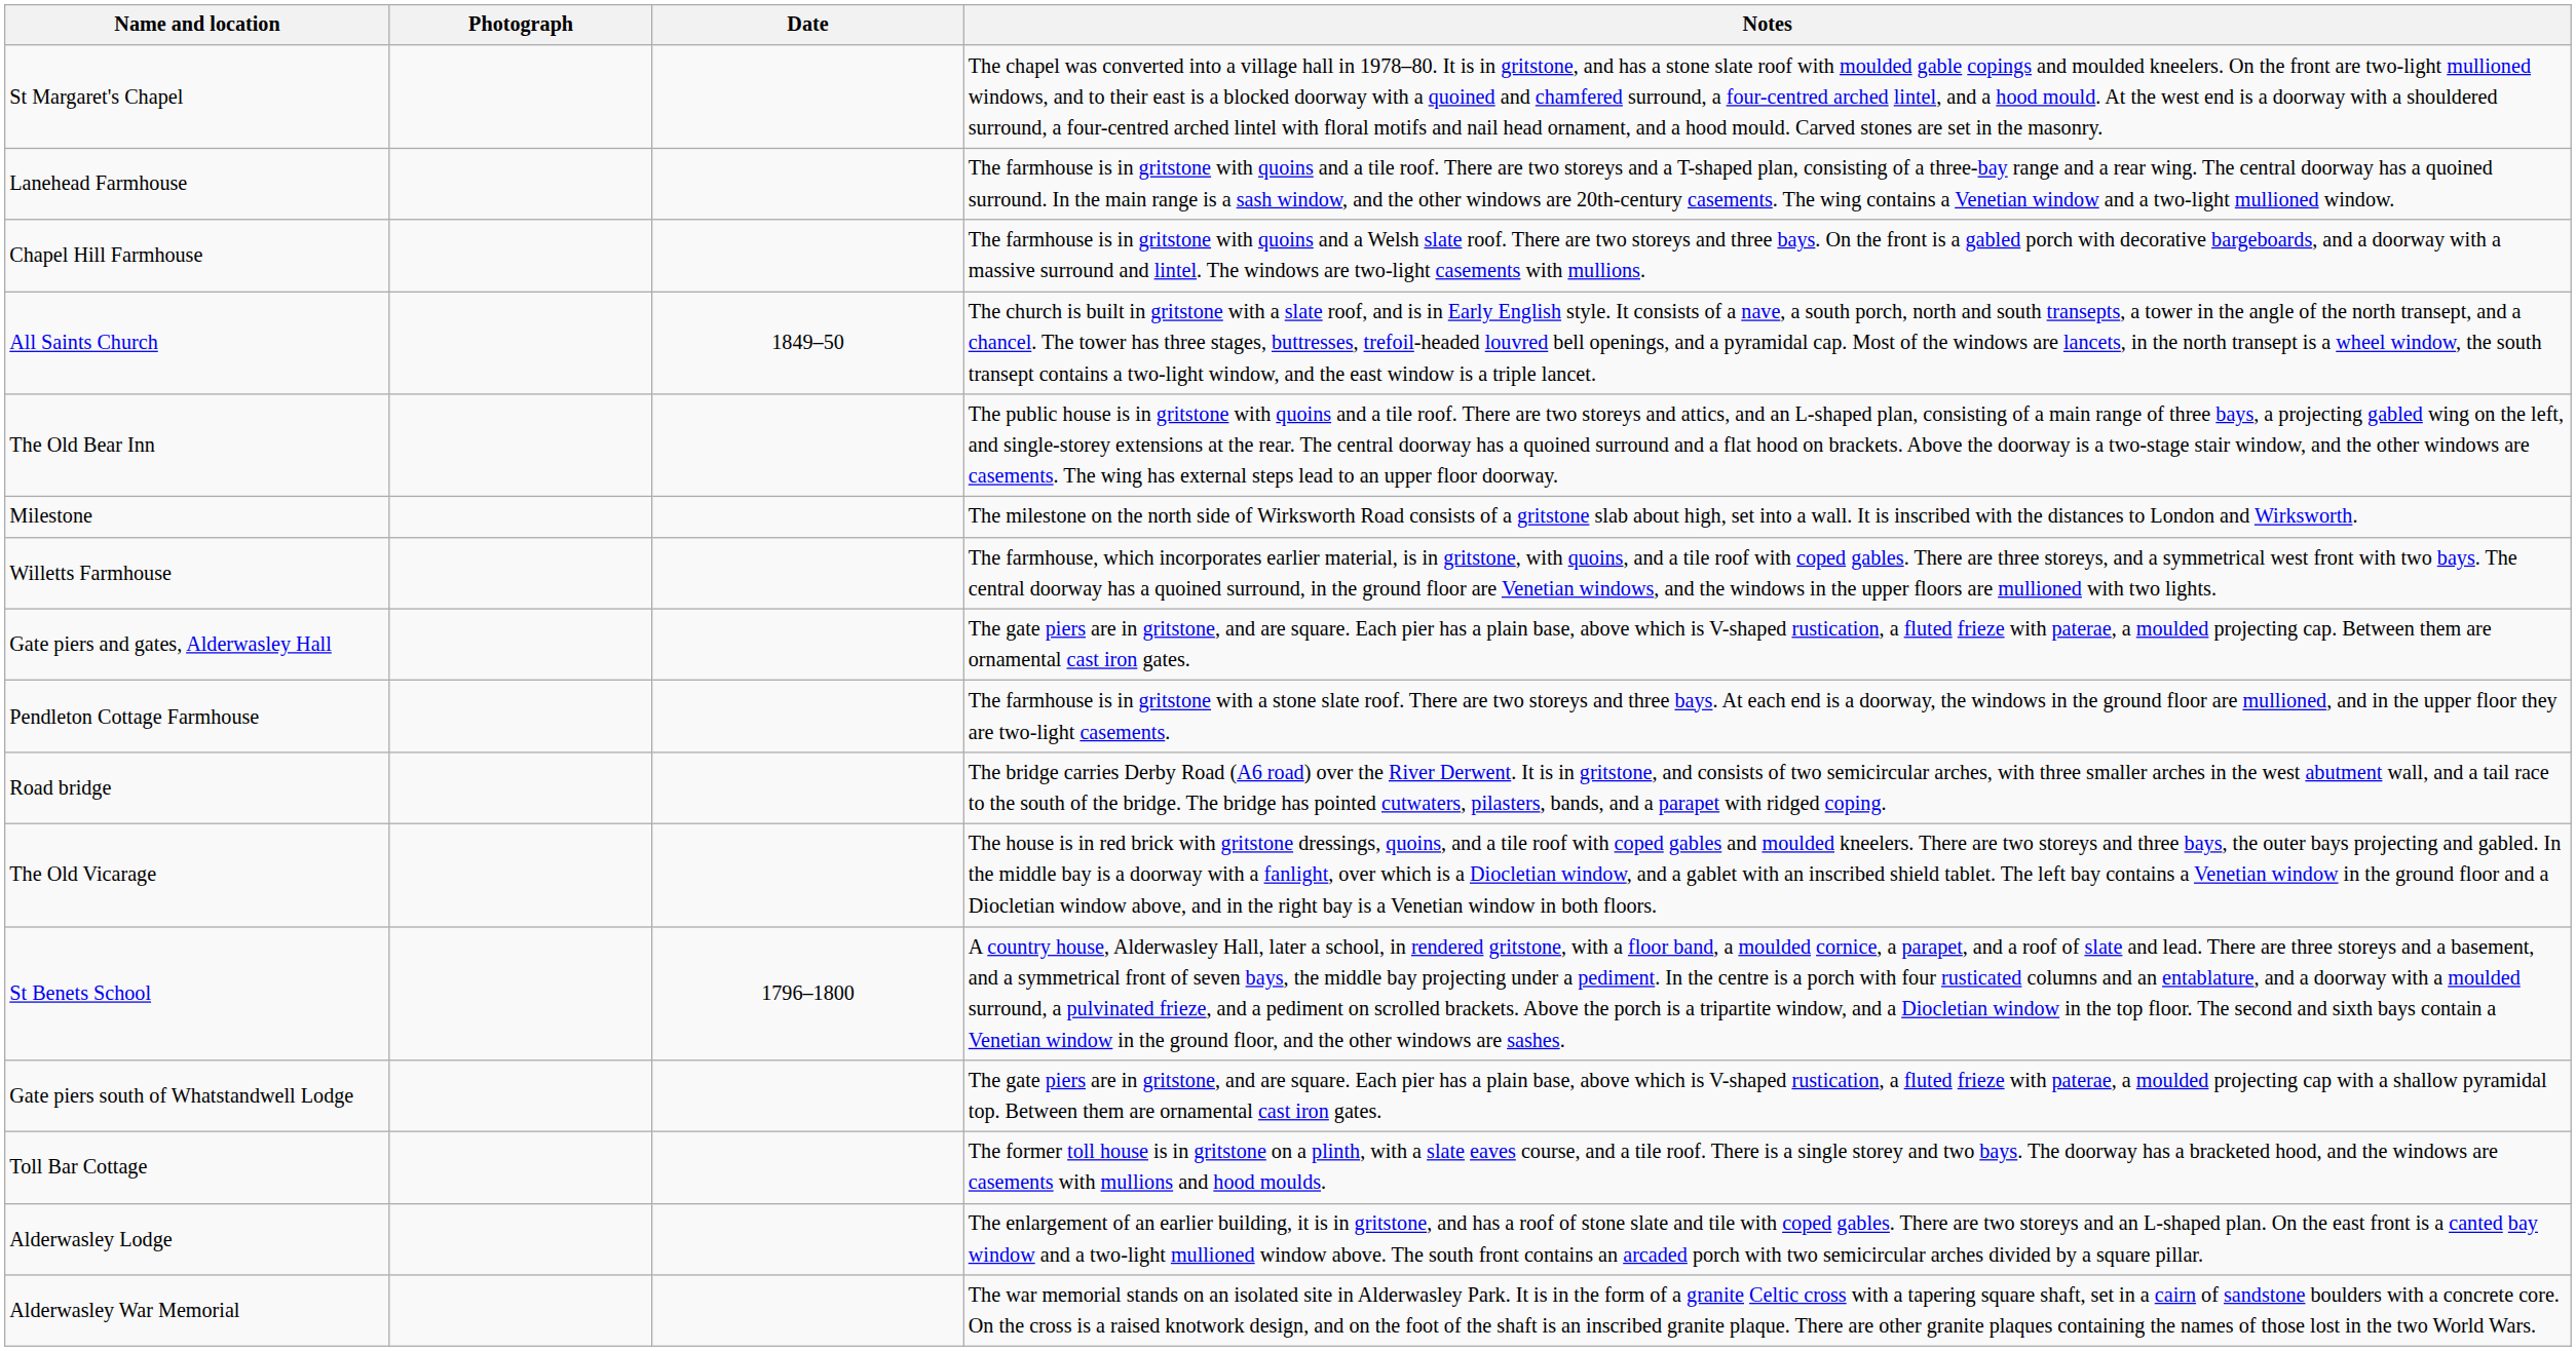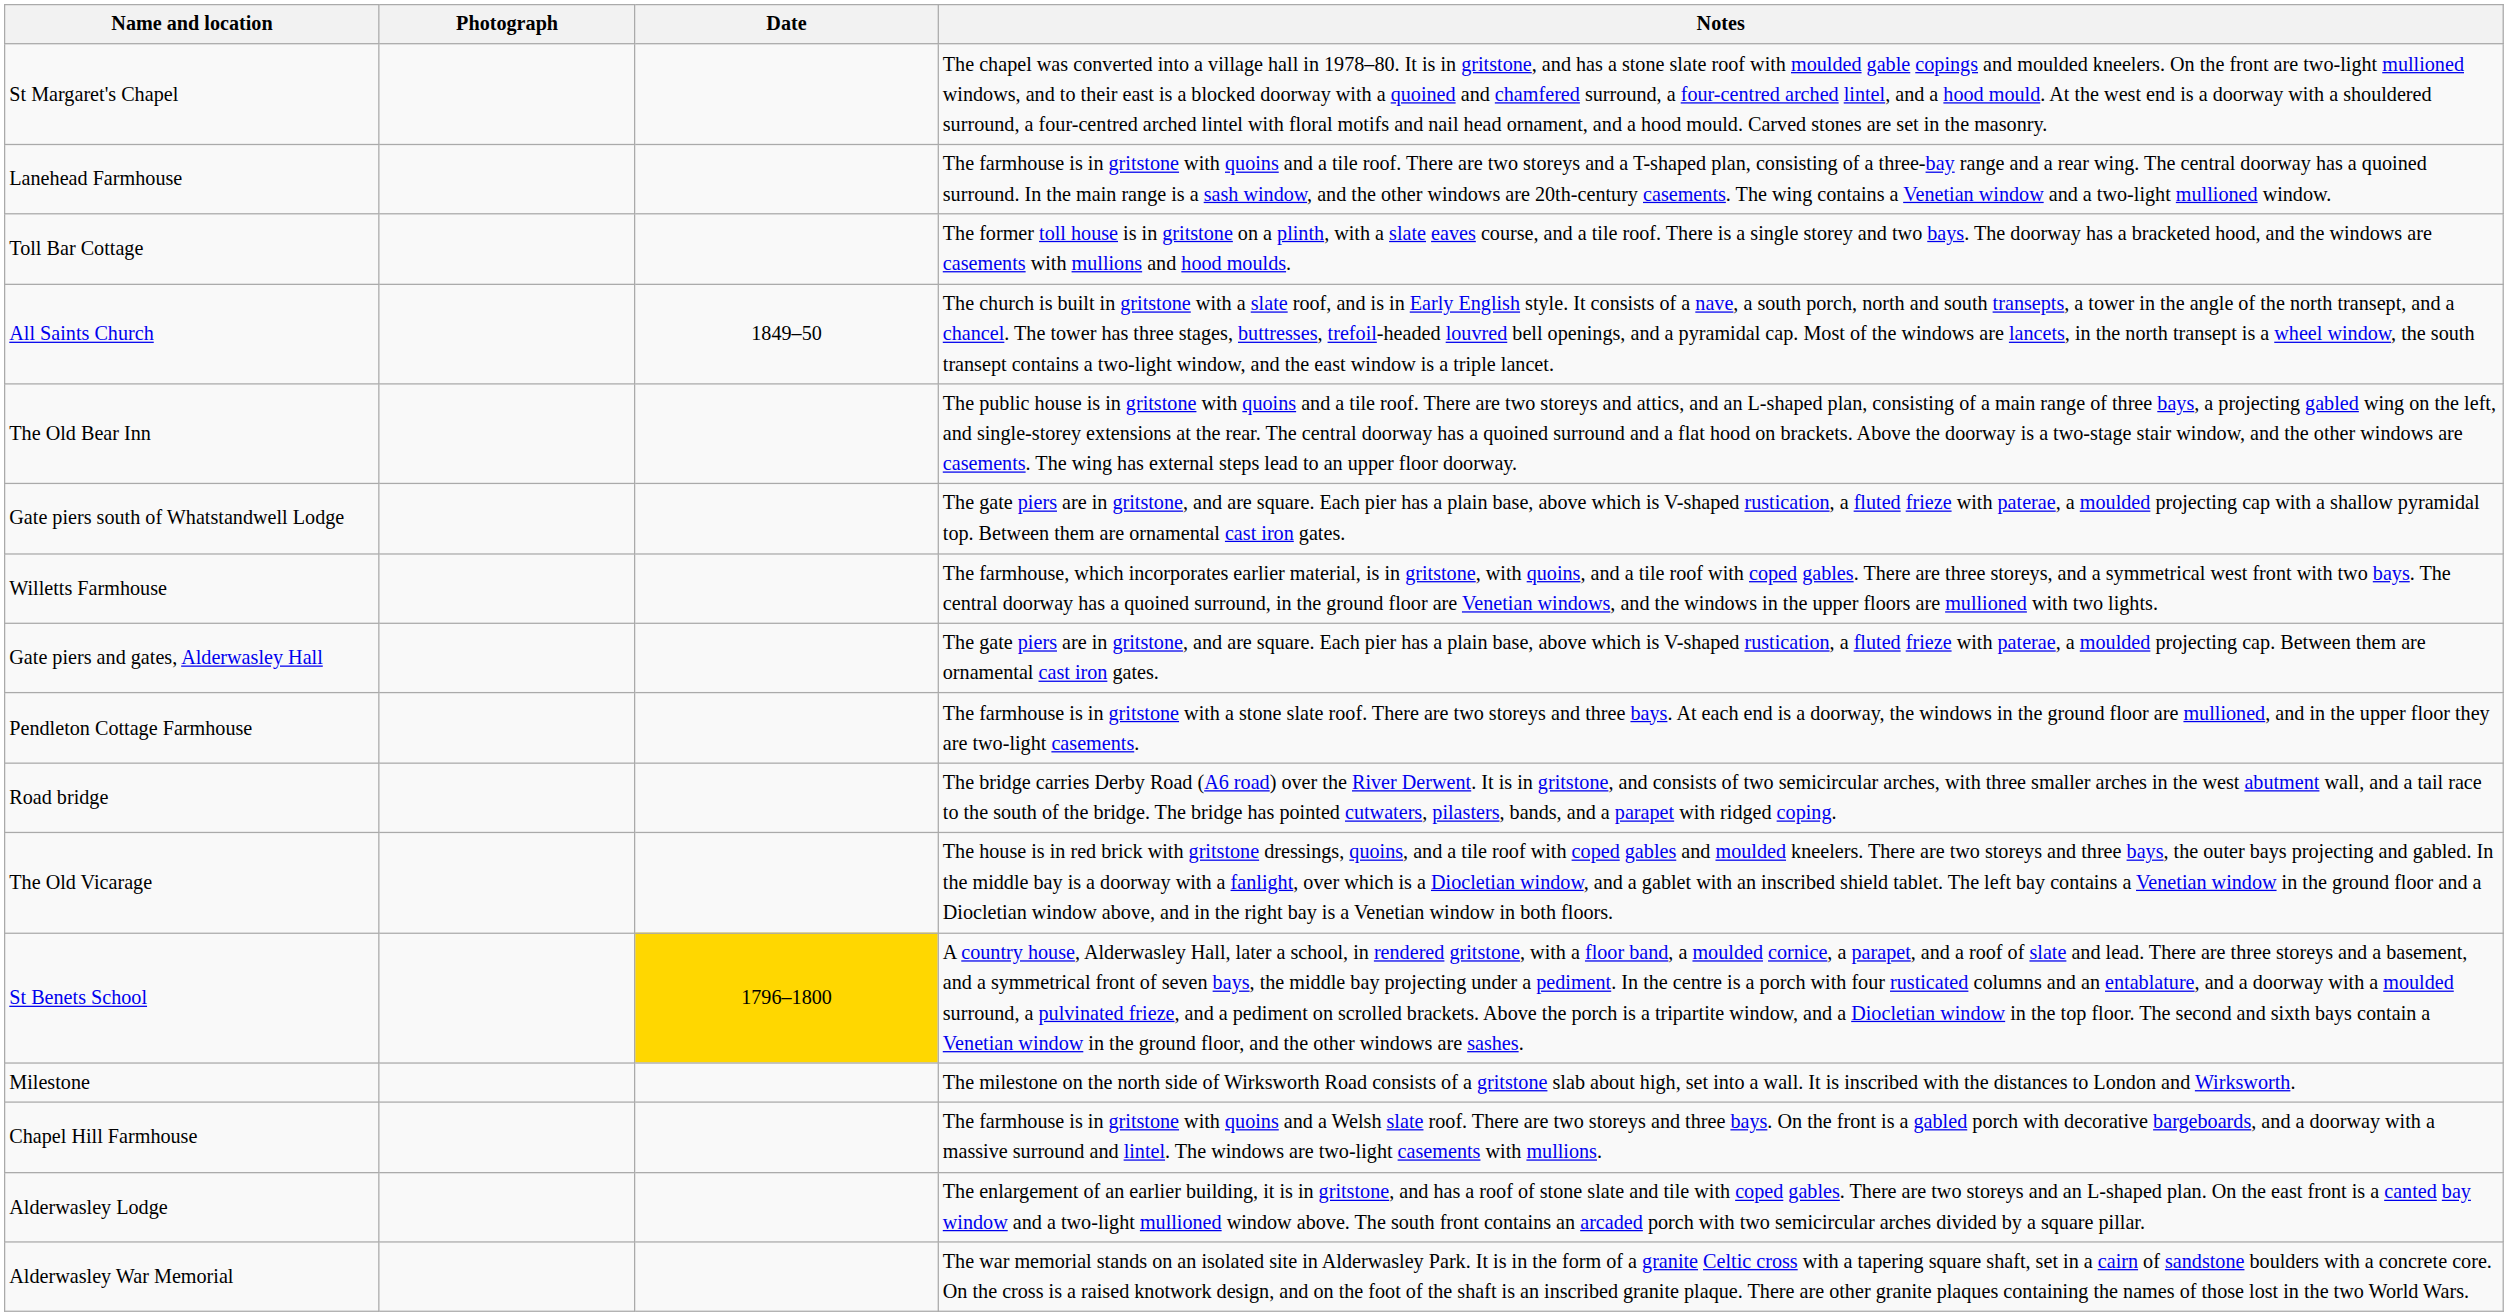 <table class="wikitable sortable plainrowheaders" style="width:100%;border:0px;text-align:left;line-height:150%;">
 <tr>
 <th scope="col"  style="width:150px">Name and location</th>
 <th scope="col"  style="width:100px" class="unsortable">Photograph</th>
 <th scope="col"  style="width:120px">Date</th>
 <th scope="col"  style="width:650px" class="unsortable">Notes</th>
 </tr>
 <tr>
 <td>St Margaret's Chapel<br><small></small></td>
 <td></td>
 <td align="center"></td>
 <td>The chapel was converted into a village hall in 1978–80.  It is in <a href='#'>gritstone</a>, and has a stone slate roof with <a href='#'>moulded</a> <a href='#'>gable</a> <a href='#'>copings</a> and moulded kneelers.  On the front are two-light <a href='#'>mullioned</a> windows, and to their east is a blocked doorway with a <a href='#'>quoined</a> and <a href='#'>chamfered</a> surround, a <a href='#'>four-centred arched</a> <a href='#'>lintel</a>, and a <a href='#'>hood mould</a>.  At the west end is a doorway with a shouldered surround, a four-centred arched lintel with floral motifs and nail head ornament, and a hood mould.  Carved stones are set in the masonry.</td>
 </tr>
 <tr>
 <td>Lanehead Farmhouse<br><small></small></td>
 <td></td>
 <td align="center"></td>
 <td>The farmhouse is in <a href='#'>gritstone</a> with <a href='#'>quoins</a> and a tile roof.  There are two storeys and a T-shaped plan, consisting of a three-<a href='#'>bay</a> range and a rear wing.  The central doorway has a quoined surround.  In the main range is a <a href='#'>sash window</a>, and the other windows are 20th-century <a href='#'>casements</a>.  The wing contains a <a href='#'>Venetian window</a> and a two-light <a href='#'>mullioned</a> window.</td>
 </tr>
 <tr>
-<td>Chapel Hill Farmhouse<br><small></small></td>
+<td>Toll Bar Cottage<br><small></small></td>
 <td></td>
 <td align="center"></td>
-<td>The farmhouse is in <a href='#'>gritstone</a> with <a href='#'>quoins</a> and a Welsh <a href='#'>slate</a> roof.  There are two storeys and three <a href='#'>bays</a>.  On the front is a <a href='#'>gabled</a> porch with decorative <a href='#'>bargeboards</a>, and a doorway with a massive surround and <a href='#'>lintel</a>.  The windows are two-light <a href='#'>casements</a> with <a href='#'>mullions</a>.</td>
+<td>The former <a href='#'>toll house</a> is in <a href='#'>gritstone</a> on a <a href='#'>plinth</a>, with a <a href='#'>slate</a> <a href='#'>eaves</a> course, and a tile roof.  There is a single storey and two <a href='#'>bays</a>.  The doorway has a bracketed hood, and the windows are <a href='#'>casements</a> with <a href='#'>mullions</a> and <a href='#'>hood moulds</a>.</td>
 </tr>
 <tr>
 <td><a href='#'>All Saints Church</a><br><small></small></td>
 <td></td>
 <td align="center">1849–50</td>
 <td>The church is built in <a href='#'>gritstone</a> with a <a href='#'>slate</a> roof, and is in <a href='#'>Early English</a> style.  It consists of a <a href='#'>nave</a>, a south porch, north and south <a href='#'>transepts</a>, a tower in the angle of the north transept, and a <a href='#'>chancel</a>.  The tower has three stages, <a href='#'>buttresses</a>, <a href='#'>trefoil</a>-headed <a href='#'>louvred</a> bell openings, and a pyramidal cap.  Most of the windows are <a href='#'>lancets</a>, in the north transept is a <a href='#'>wheel window</a>, the south transept contains a two-light window, and the east window is a triple lancet.</td>
 </tr>
 <tr>
 <td>The Old Bear Inn<br><small></small></td>
 <td></td>
 <td align="center"></td>
 <td>The public house is in <a href='#'>gritstone</a> with <a href='#'>quoins</a> and a tile roof.  There are two storeys and attics, and an L-shaped plan, consisting of a main range of three <a href='#'>bays</a>, a projecting <a href='#'>gabled</a> wing on the left, and single-storey extensions at the rear.  The central doorway has a quoined surround and a flat hood on brackets.  Above the doorway is a two-stage stair window, and the other windows are <a href='#'>casements</a>.  The wing has external steps lead to an upper floor doorway.</td>
 </tr>
 <tr>
-<td>Milestone<br><small></small></td>
+<td>Gate piers south of Whatstandwell Lodge<br><small></small></td>
 <td></td>
 <td align="center"></td>
-<td>The milestone on the north side of Wirksworth Road consists of a <a href='#'>gritstone</a> slab about  high, set into a wall.  It is inscribed with the distances to London and <a href='#'>Wirksworth</a>.</td>
+<td>The gate <a href='#'>piers</a> are in <a href='#'>gritstone</a>, and are square.  Each pier has a plain base, above which is V-shaped <a href='#'>rustication</a>, a <a href='#'>fluted</a> <a href='#'>frieze</a> with <a href='#'>paterae</a>, a <a href='#'>moulded</a> projecting cap with a shallow pyramidal top.  Between them are ornamental <a href='#'>cast iron</a> gates.</td>
 </tr>
 <tr>
 <td>Willetts Farmhouse<br><small></small></td>
 <td></td>
 <td align="center"></td>
 <td>The farmhouse, which incorporates earlier material, is in <a href='#'>gritstone</a>, with <a href='#'>quoins</a>, and a tile roof with <a href='#'>coped</a> <a href='#'>gables</a>.  There are three storeys, and a symmetrical west front with two <a href='#'>bays</a>.  The central doorway has a quoined surround, in the ground floor are <a href='#'>Venetian windows</a>, and the windows in the upper floors are <a href='#'>mullioned</a> with two lights.</td>
 </tr>
 <tr>
 <td>Gate piers and gates, <a href='#'>Alderwasley Hall</a><br><small></small></td>
 <td></td>
 <td align="center"></td>
 <td>The gate <a href='#'>piers</a> are in <a href='#'>gritstone</a>, and are square.  Each pier has a plain base, above which is V-shaped <a href='#'>rustication</a>, a <a href='#'>fluted</a> <a href='#'>frieze</a> with <a href='#'>paterae</a>, a <a href='#'>moulded</a> projecting cap.  Between them are ornamental <a href='#'>cast iron</a> gates.</td>
 </tr>
 <tr>
 <td>Pendleton Cottage Farmhouse<br><small></small></td>
 <td></td>
 <td align="center"></td>
 <td>The farmhouse is in <a href='#'>gritstone</a> with a stone slate roof.  There are two storeys and three <a href='#'>bays</a>.  At each end is a doorway, the windows in the ground floor are <a href='#'>mullioned</a>, and in the upper floor they are two-light <a href='#'>casements</a>.</td>
 </tr>
 <tr>
 <td>Road bridge<br><small></small></td>
 <td></td>
 <td align="center"></td>
 <td>The bridge carries Derby Road (<a href='#'>A6 road</a>) over the <a href='#'>River Derwent</a>.  It is in <a href='#'>gritstone</a>, and consists of two semicircular arches, with three smaller arches in the west <a href='#'>abutment</a> wall, and a tail race to the south of the bridge.  The bridge has pointed <a href='#'>cutwaters</a>, <a href='#'>pilasters</a>, bands, and a <a href='#'>parapet</a> with ridged <a href='#'>coping</a>.</td>
 </tr>
 <tr>
 <td>The Old Vicarage<br><small></small></td>
 <td></td>
 <td align="center"></td>
 <td>The house is in red brick with <a href='#'>gritstone</a> dressings, <a href='#'>quoins</a>, and a tile roof with <a href='#'>coped</a> <a href='#'>gables</a> and <a href='#'>moulded</a> kneelers.  There are two storeys and three <a href='#'>bays</a>, the outer bays projecting and gabled.  In the middle bay is a doorway with a <a href='#'>fanlight</a>, over which is a <a href='#'>Diocletian window</a>, and a gablet with an inscribed shield tablet.  The left bay contains a <a href='#'>Venetian window</a> in the ground floor and a Diocletian window above, and in the right bay is a Venetian window in both floors.</td>
 </tr>
 <tr>
 <td><a href='#'>St Benets School</a><br><small></small></td>
 <td></td>
-<td align="center">1796–1800</td>
+<td align="center" style="background: gold;">1796–1800</td>
 <td>A <a href='#'>country house</a>, Alderwasley Hall, later a school, in <a href='#'>rendered</a> <a href='#'>gritstone</a>, with a <a href='#'>floor band</a>, a <a href='#'>moulded</a> <a href='#'>cornice</a>, a <a href='#'>parapet</a>, and a roof of <a href='#'>slate</a> and lead.  There are three storeys and a basement, and a symmetrical front of seven <a href='#'>bays</a>, the middle bay projecting under a <a href='#'>pediment</a>.  In the centre is a porch with four <a href='#'>rusticated</a> columns and an <a href='#'>entablature</a>, and a doorway with a <a href='#'>moulded</a> surround, a <a href='#'>pulvinated frieze</a>, and a pediment on scrolled brackets.  Above the porch is a tripartite window, and a <a href='#'>Diocletian window</a> in the top floor.  The second and sixth bays contain a <a href='#'>Venetian window</a> in the ground floor, and the other windows are <a href='#'>sashes</a>.</td>
 </tr>
 <tr>
-<td>Gate piers south of Whatstandwell Lodge<br><small></small></td>
+<td>Milestone<br><small></small></td>
 <td></td>
 <td align="center"></td>
-<td>The gate <a href='#'>piers</a> are in <a href='#'>gritstone</a>, and are square.  Each pier has a plain base, above which is V-shaped <a href='#'>rustication</a>, a <a href='#'>fluted</a> <a href='#'>frieze</a> with <a href='#'>paterae</a>, a <a href='#'>moulded</a> projecting cap with a shallow pyramidal top.  Between them are ornamental <a href='#'>cast iron</a> gates.</td>
+<td>The milestone on the north side of Wirksworth Road consists of a <a href='#'>gritstone</a> slab about  high, set into a wall.  It is inscribed with the distances to London and <a href='#'>Wirksworth</a>.</td>
 </tr>
 <tr>
-<td>Toll Bar Cottage<br><small></small></td>
+<td>Chapel Hill Farmhouse<br><small></small></td>
 <td></td>
 <td align="center"></td>
-<td>The former <a href='#'>toll house</a> is in <a href='#'>gritstone</a> on a <a href='#'>plinth</a>, with a <a href='#'>slate</a> <a href='#'>eaves</a> course, and a tile roof.  There is a single storey and two <a href='#'>bays</a>.  The doorway has a bracketed hood, and the windows are <a href='#'>casements</a> with <a href='#'>mullions</a> and <a href='#'>hood moulds</a>.</td>
+<td>The farmhouse is in <a href='#'>gritstone</a> with <a href='#'>quoins</a> and a Welsh <a href='#'>slate</a> roof.  There are two storeys and three <a href='#'>bays</a>.  On the front is a <a href='#'>gabled</a> porch with decorative <a href='#'>bargeboards</a>, and a doorway with a massive surround and <a href='#'>lintel</a>.  The windows are two-light <a href='#'>casements</a> with <a href='#'>mullions</a>.</td>
 </tr>
 <tr>
 <td>Alderwasley Lodge<br><small></small></td>
 <td></td>
 <td align="center"></td>
 <td>The enlargement of an earlier building, it is in <a href='#'>gritstone</a>, and has a roof of stone slate and tile with <a href='#'>coped</a> <a href='#'>gables</a>.  There are two storeys and an L-shaped plan.  On the east front is a <a href='#'>canted</a> <a href='#'>bay window</a> and a two-light <a href='#'>mullioned</a> window above.  The south front contains an <a href='#'>arcaded</a> porch with two semicircular arches divided by a square pillar.</td>
 </tr>
 <tr>
 <td>Alderwasley War Memorial<br><small></small></td>
 <td></td>
 <td align="center"></td>
 <td>The war memorial stands on an isolated site in Alderwasley Park.  It is in the form of a <a href='#'>granite</a> <a href='#'>Celtic cross</a> with a tapering square shaft, set in a <a href='#'>cairn</a> of <a href='#'>sandstone</a> boulders with a concrete core.  On the cross is a raised knotwork design, and on the foot of the shaft is an inscribed granite plaque.  There are other granite plaques containing the names of those lost in the two World Wars.</td>
 </tr>
 <tr>
 </tr>
 </table>
